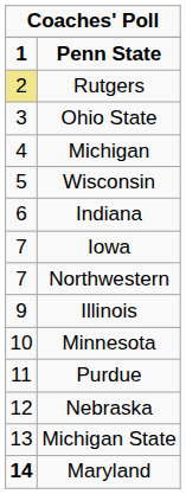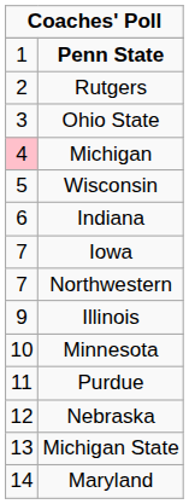 <table class="wikitable" style="display: inline-table;">
 <tr>
 <td align="center" Colspan="3"><strong>Coaches' Poll</strong></td>
 </tr>
 <tr align="center">
 </tr>
 <tr align="center">
-<td><strong>1</strong></td>
+<td>1</td>
 <td><strong>Penn State</strong></td>
 </tr>
 <tr align="center">
-<td style="background: khaki;">2</td>
+<td>2</td>
 <td>Rutgers</td>
 </tr>
 <tr align="center">
 <td>3</td>
 <td>Ohio State</td>
 </tr>
 <tr align="center">
-<td>4</td>
+<td style="background: pink;">4</td>
 <td>Michigan</td>
 </tr>
 <tr align="center">
 <td>5</td>
 <td>Wisconsin</td>
 </tr>
 <tr align="center">
 <td>6</td>
 <td>Indiana</td>
 </tr>
 <tr align="center">
 <td>7</td>
 <td>Iowa</td>
 </tr>
 <tr align="center">
 <td>7</td>
 <td>Northwestern</td>
 </tr>
 <tr align="center">
 <td>9</td>
 <td>Illinois</td>
 </tr>
 <tr align="center">
 <td>10</td>
 <td>Minnesota</td>
 </tr>
 <tr align="center">
 <td>11</td>
 <td>Purdue</td>
 </tr>
 <tr align="center">
 <td>12</td>
 <td>Nebraska</td>
 </tr>
 <tr align="center">
 <td>13</td>
 <td>Michigan State</td>
 </tr>
 <tr align="center">
-<td><strong>14</strong></td>
+<td>14</td>
 <td>Maryland</td>
 </tr>
 </table>
